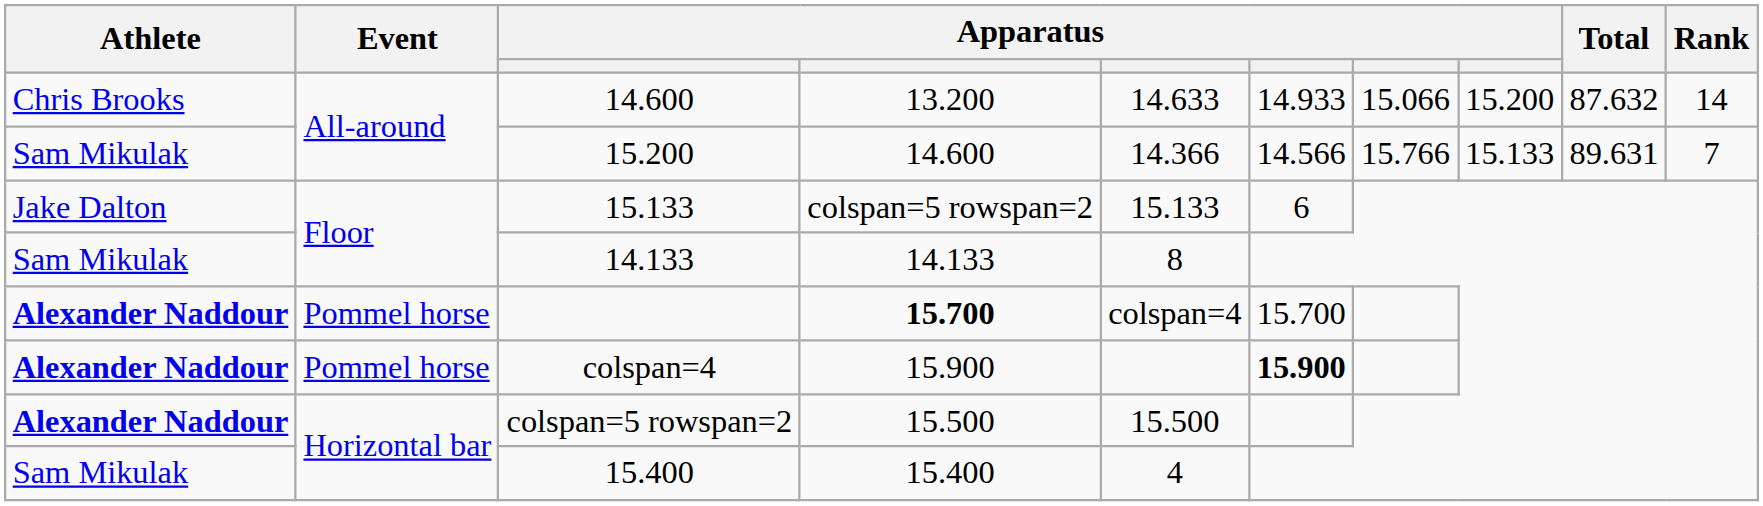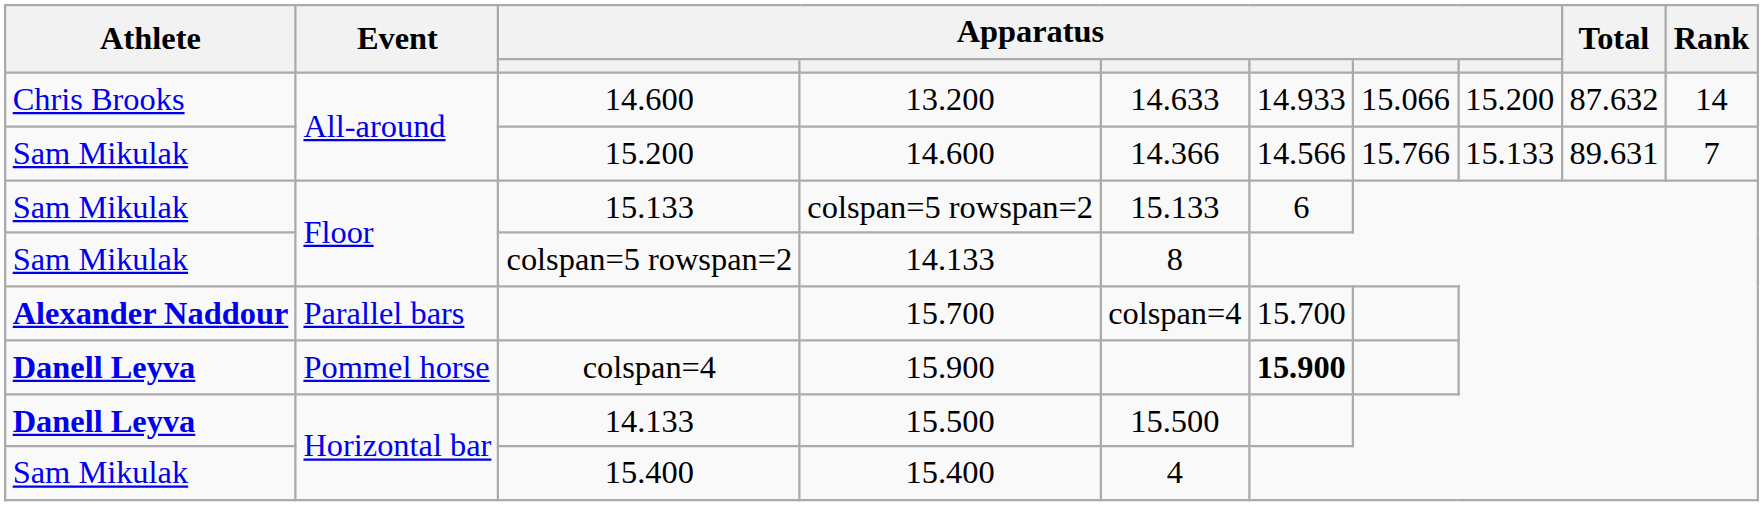 <table class=wikitable style=font-size:90%;text-align:center>
 <tr>
 <th rowspan=2>Athlete</th>
 <th rowspan=2>Event</th>
 <th colspan =6>Apparatus</th>
 <th rowspan=2>Total</th>
 <th rowspan=2>Rank</th>
 </tr>
 <tr style=font-size:95%>
 <th></th>
 <th></th>
 <th></th>
 <th></th>
 <th></th>
 <th></th>
 </tr>
 <tr>
 <td align=left><a href='#'>Chris Brooks</a></td>
 <td align=left rowspan=2><a href='#'>All-around</a></td>
 <td>14.600</td>
 <td>13.200</td>
 <td>14.633</td>
 <td>14.933</td>
 <td>15.066</td>
 <td>15.200</td>
 <td>87.632</td>
 <td>14</td>
 </tr>
 <tr>
 <td align=left><a href='#'>Sam Mikulak</a></td>
 <td>15.200</td>
 <td>14.600</td>
 <td>14.366</td>
 <td>14.566</td>
 <td>15.766</td>
 <td>15.133</td>
 <td>89.631</td>
 <td>7</td>
 </tr>
 <tr>
-<td align=left><a href='#'>Jake Dalton</a></td>
+<td align=left><a href='#'>Sam Mikulak</a></td>
 <td align=left rowspan=2><a href='#'>Floor</a></td>
 <td>15.133</td>
 <td>colspan=5 rowspan=2 </td>
 <td>15.133</td>
 <td>6</td>
 </tr>
 <tr>
 <td align=left><a href='#'>Sam Mikulak</a></td>
-<td>14.133</td>
+<td>colspan=5 rowspan=2 </td>
 <td>14.133</td>
 <td>8</td>
 </tr>
 <tr>
 <td align=left><strong><a href='#'>Alexander Naddour</a></strong></td>
-<td align=left><a href='#'>Pommel horse</a></td>
+<td align=left><a href='#'>Parallel bars</a></td>
 <td></td>
-<td><strong>15.700</strong></td>
+<td>15.700</td>
 <td>colspan=4 </td>
 <td>15.700</td>
 <td></td>
 </tr>
 <tr>
-<td align=left><strong><a href='#'>Alexander Naddour</a></strong></td>
+<td align=left><strong><a href='#'>Danell Leyva</a></strong></td>
 <td align=left><a href='#'>Pommel horse</a></td>
 <td>colspan=4 </td>
 <td>15.900</td>
 <td></td>
 <td><strong>15.900</strong></td>
 <td></td>
 </tr>
 <tr>
-<td align=left><strong><a href='#'>Alexander Naddour</a></strong></td>
+<td align=left><strong><a href='#'>Danell Leyva</a></strong></td>
 <td align=left rowspan=2><a href='#'>Horizontal bar</a></td>
-<td>colspan=5 rowspan=2 </td>
+<td>14.133</td>
 <td>15.500</td>
 <td>15.500</td>
 <td></td>
 </tr>
 <tr>
 <td align=left><a href='#'>Sam Mikulak</a></td>
 <td>15.400</td>
 <td>15.400</td>
 <td>4</td>
 </tr>
 </table>
